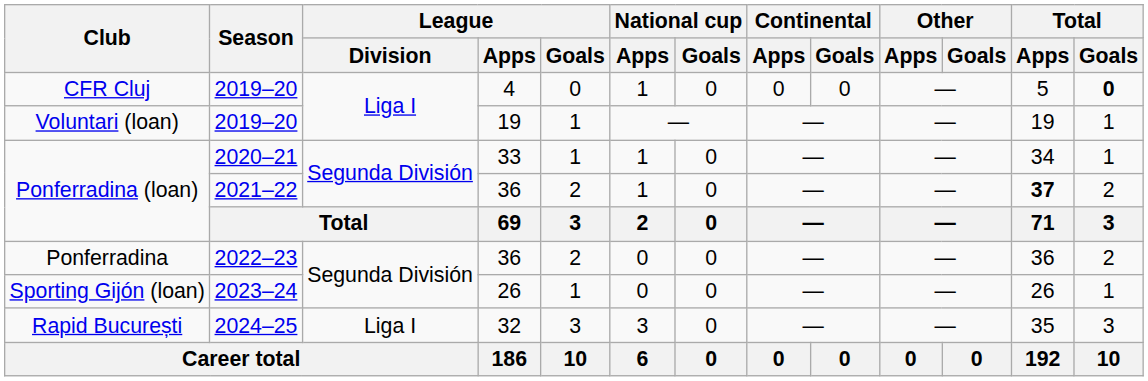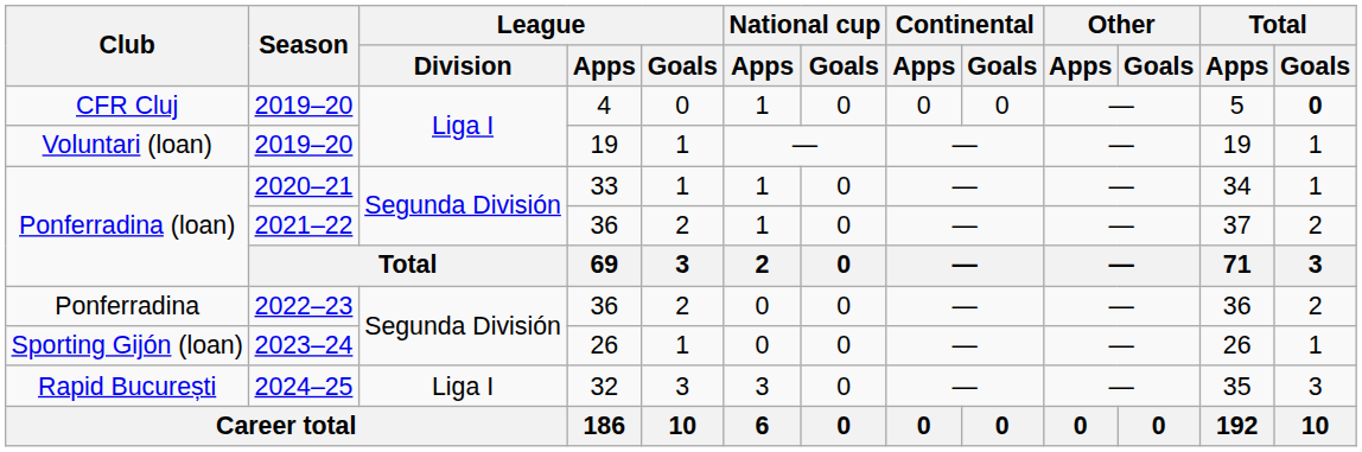 <table class="wikitable" style="text-align:center">
 <tr>
 <th rowspan="2">Club</th>
 <th rowspan="2">Season</th>
 <th colspan="3">League</th>
 <th colspan="2">National cup</th>
 <th colspan="2">Continental</th>
 <th colspan="2">Other</th>
 <th colspan="2">Total</th>
 </tr>
 <tr>
 <th>Division</th>
 <th>Apps</th>
 <th>Goals</th>
 <th>Apps</th>
 <th>Goals</th>
 <th>Apps</th>
 <th>Goals</th>
 <th>Apps</th>
 <th>Goals</th>
 <th>Apps</th>
 <th>Goals</th>
 </tr>
 <tr>
 <td><a href='#'>CFR Cluj</a></td>
 <td><a href='#'>2019–20</a></td>
 <td rowspan="2"><a href='#'>Liga I</a></td>
 <td>4</td>
 <td>0</td>
 <td>1</td>
 <td>0</td>
 <td>0</td>
 <td>0</td>
 <td colspan="2">—</td>
 <td>5</td>
 <td><strong>0</strong></td>
 </tr>
 <tr>
 <td><a href='#'>Voluntari</a> (loan)</td>
 <td><a href='#'>2019–20</a></td>
 <td>19</td>
 <td>1</td>
 <td colspan="2">—</td>
 <td colspan="2">—</td>
 <td colspan="2">—</td>
 <td>19</td>
 <td>1</td>
 </tr>
 <tr>
 <td rowspan="3"><a href='#'>Ponferradina</a> (loan)</td>
 <td><a href='#'>2020–21</a></td>
 <td rowspan="2"><a href='#'>Segunda División</a></td>
 <td>33</td>
 <td>1</td>
 <td>1</td>
 <td>0</td>
 <td colspan="2">—</td>
 <td colspan="2">—</td>
 <td>34</td>
 <td>1</td>
 </tr>
 <tr>
 <td><a href='#'>2021–22</a></td>
 <td>36</td>
 <td>2</td>
 <td>1</td>
 <td>0</td>
 <td colspan="2">—</td>
 <td colspan="2">—</td>
-<td><strong>37</strong></td>
+<td>37</td>
 <td>2</td>
 </tr>
 <tr>
 <th colspan="2">Total</th>
 <th>69</th>
 <th>3</th>
 <th>2</th>
 <th>0</th>
 <th colspan="2">—</th>
 <th colspan="2">—</th>
 <th>71</th>
 <th>3</th>
 </tr>
 <tr>
 <td>Ponferradina</td>
 <td><a href='#'>2022–23</a></td>
 <td rowspan="2">Segunda División</td>
 <td>36</td>
 <td>2</td>
 <td>0</td>
 <td>0</td>
 <td colspan="2">—</td>
 <td colspan="2">—</td>
 <td>36</td>
 <td>2</td>
 </tr>
 <tr>
 <td><a href='#'>Sporting Gijón</a> (loan)</td>
 <td><a href='#'>2023–24</a></td>
 <td>26</td>
 <td>1</td>
 <td>0</td>
 <td>0</td>
 <td colspan="2">—</td>
 <td colspan="2">—</td>
 <td>26</td>
 <td>1</td>
 </tr>
 <tr>
 <td><a href='#'>Rapid București</a></td>
 <td><a href='#'>2024–25</a></td>
 <td>Liga I</td>
 <td>32</td>
 <td>3</td>
 <td>3</td>
 <td>0</td>
 <td colspan="2">—</td>
 <td colspan="2">—</td>
 <td>35</td>
 <td>3</td>
 </tr>
 <tr>
 <th colspan="3">Career total</th>
 <th>186</th>
 <th>10</th>
 <th>6</th>
 <th>0</th>
 <th>0</th>
 <th>0</th>
 <th>0</th>
 <th>0</th>
 <th>192</th>
 <th>10</th>
 </tr>
 </table>
